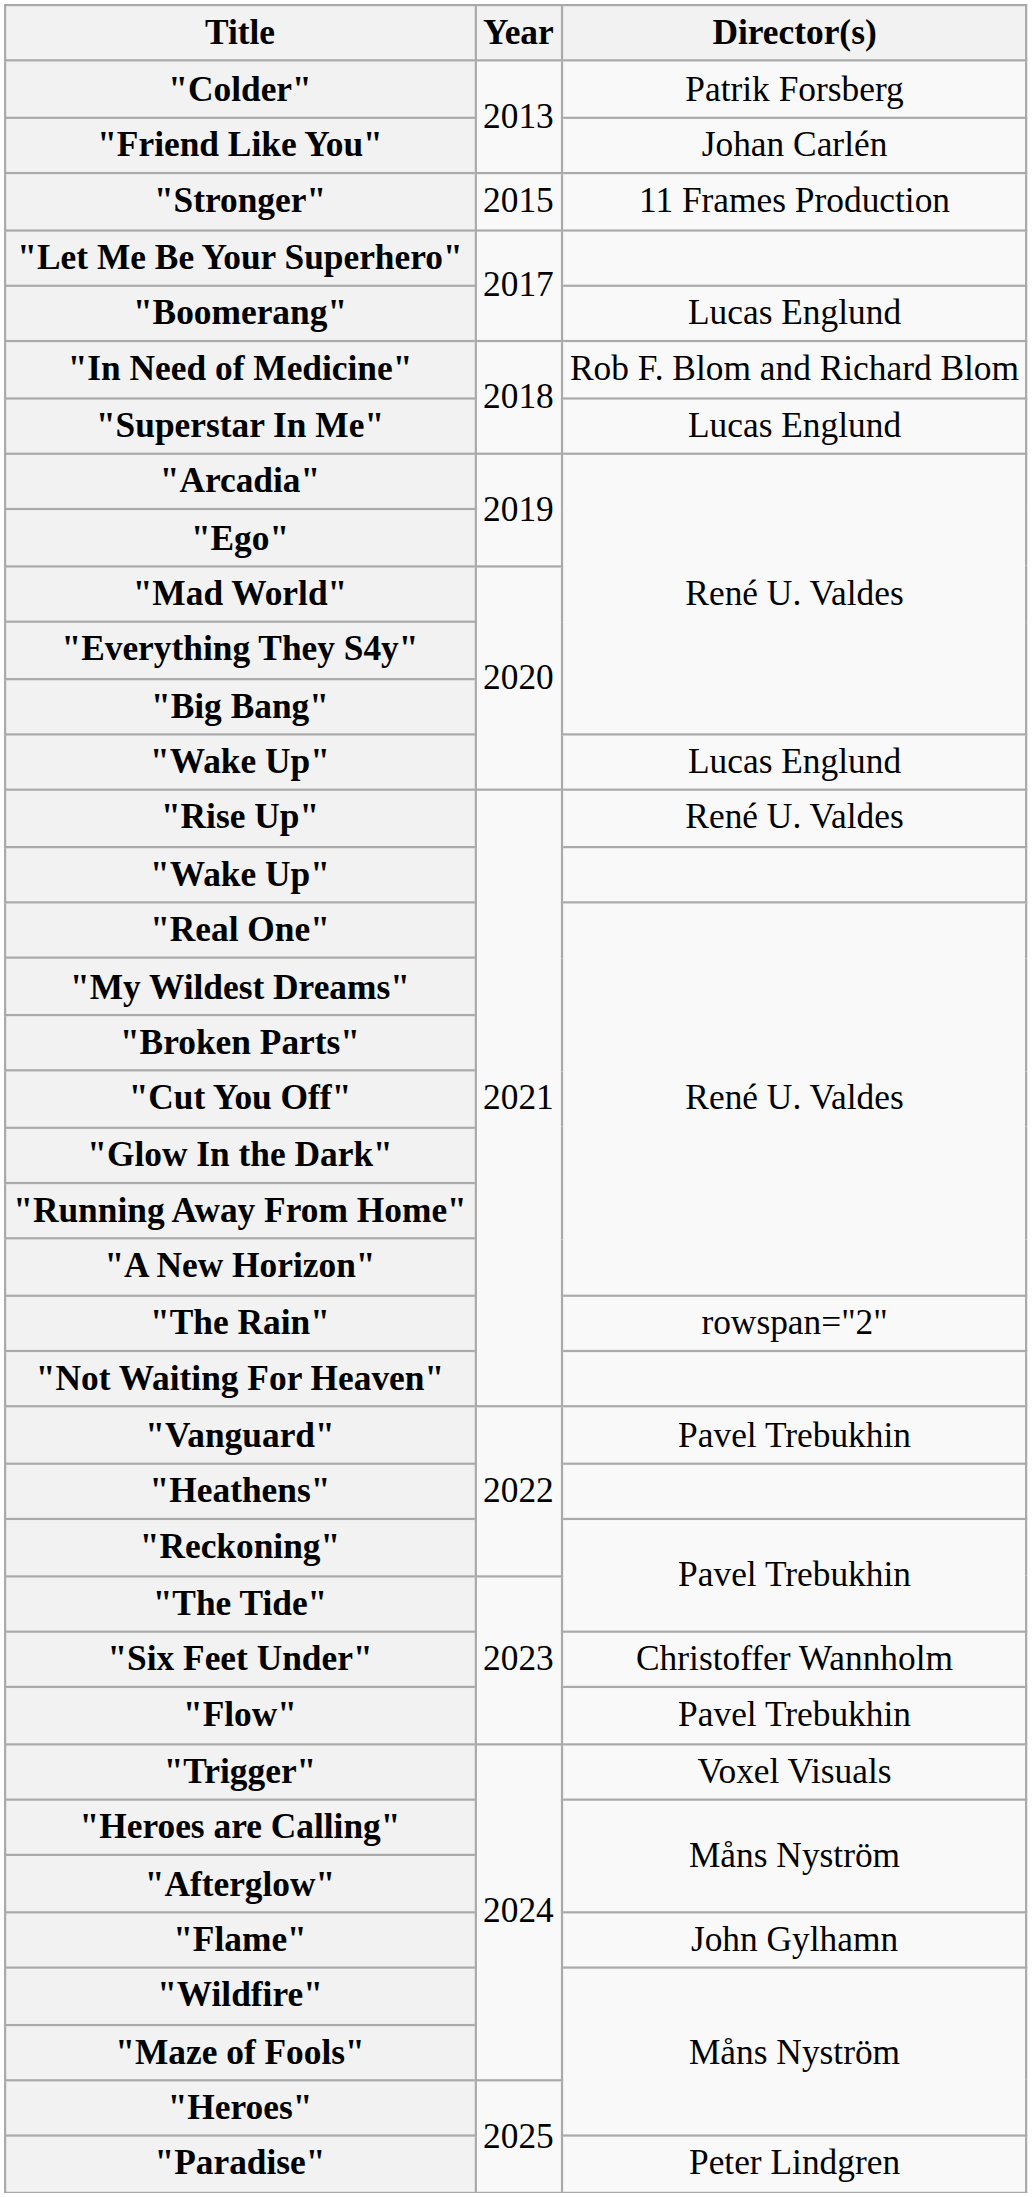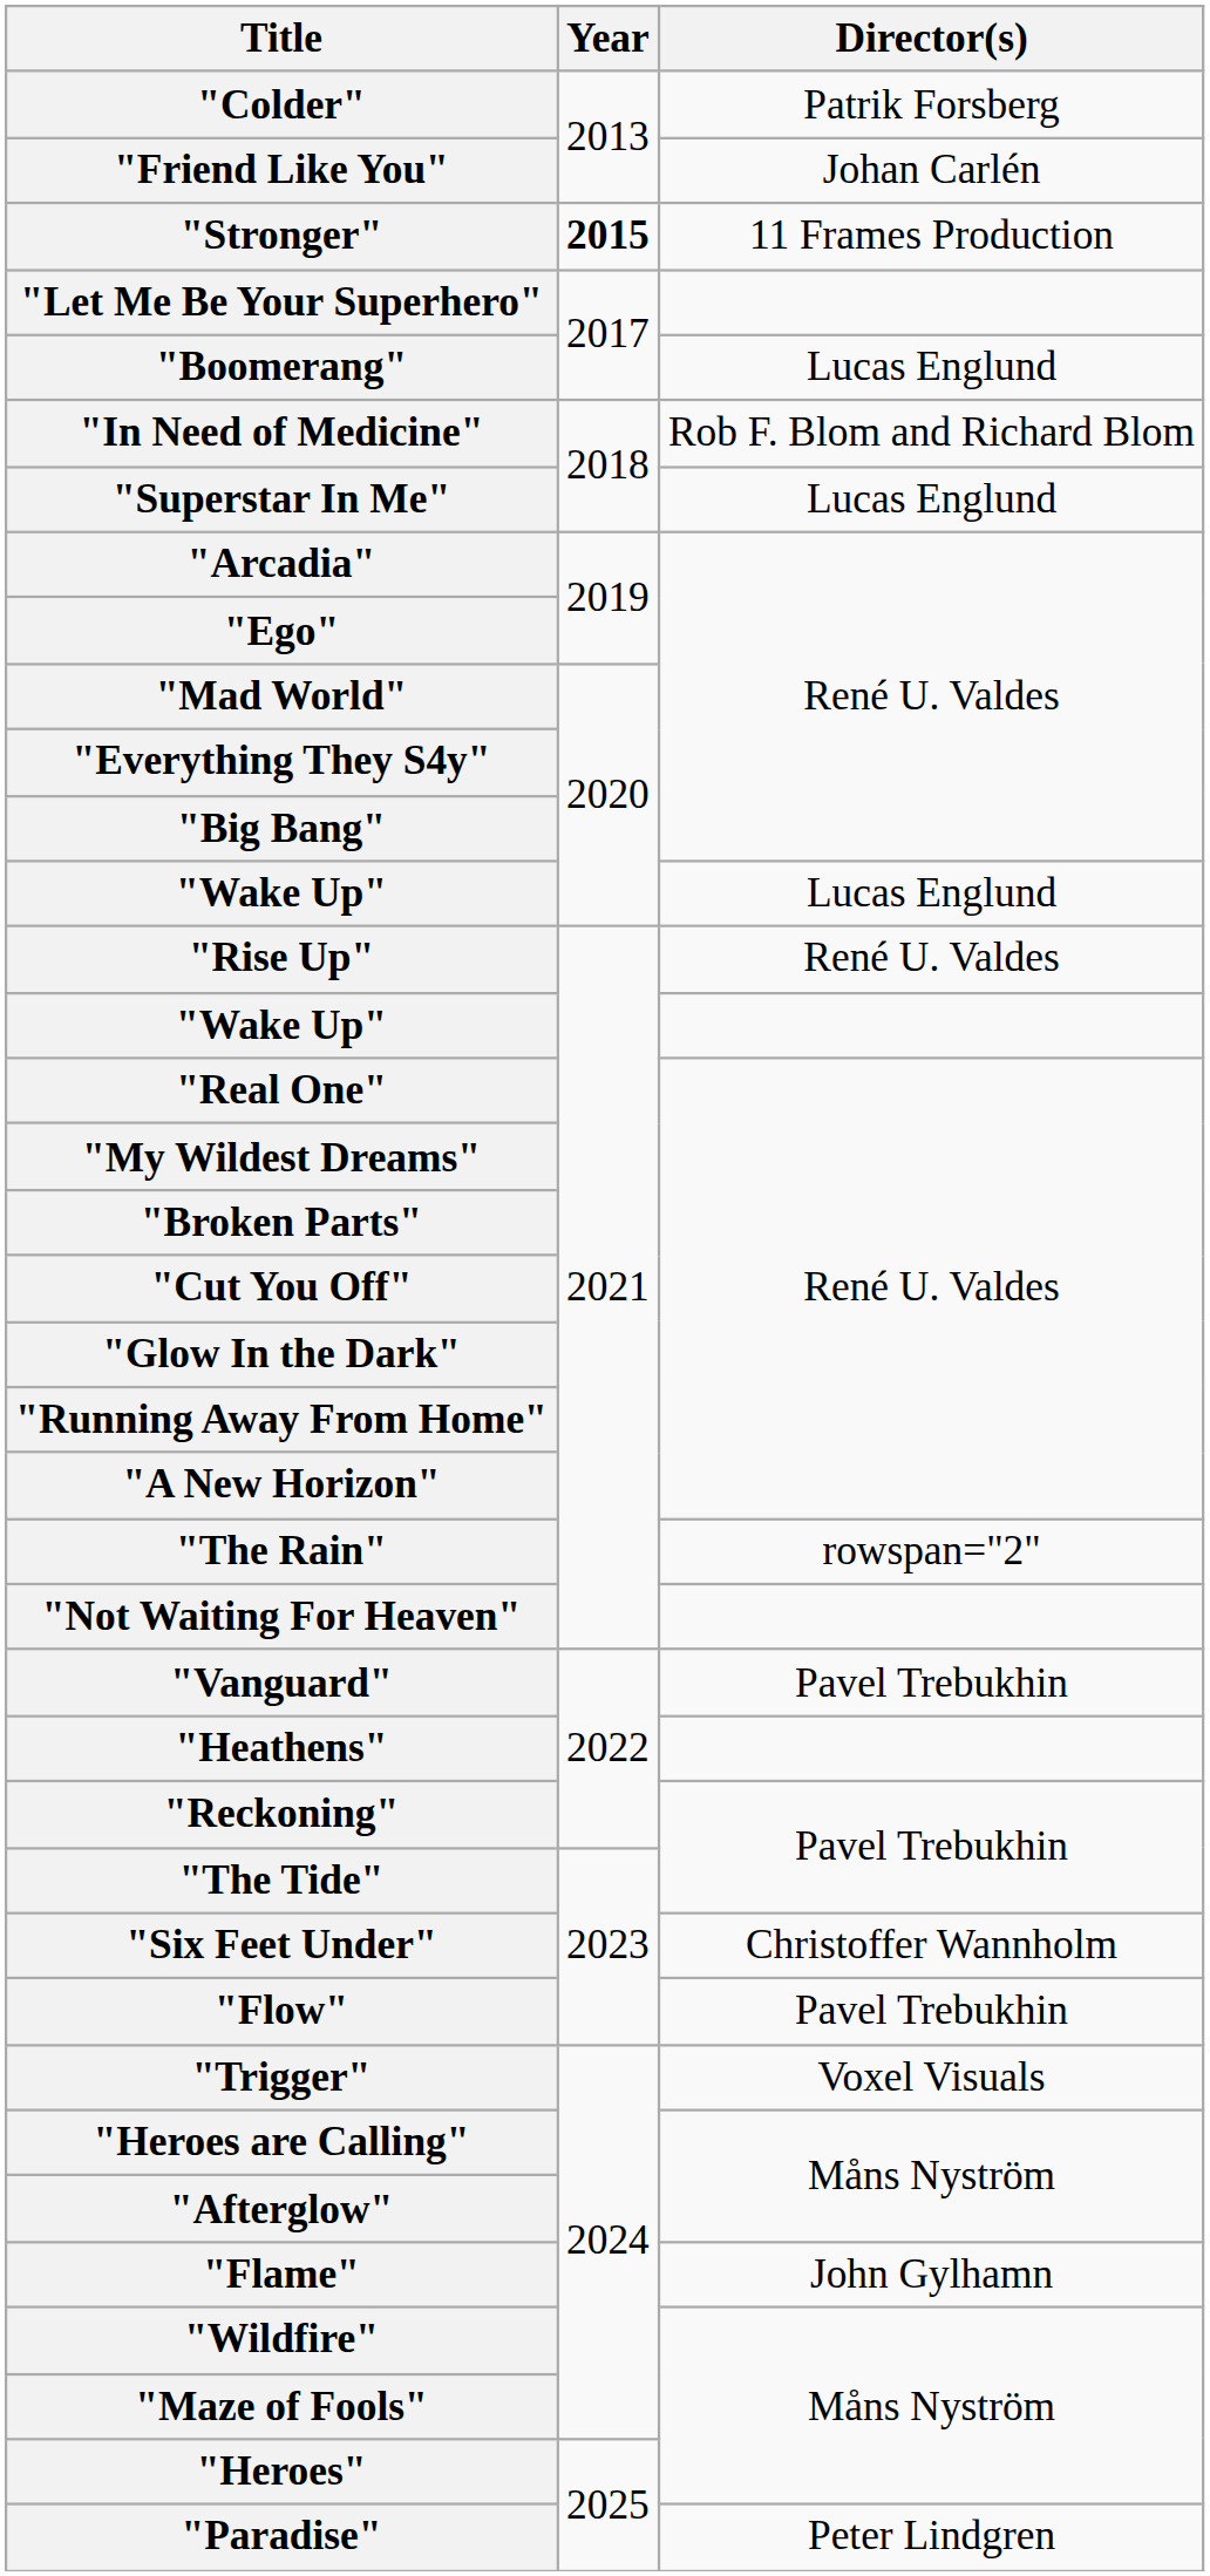 <table class="wikitable plainrowheaders" style="text-align:center;">
 <tr>
 <th scope="col">Title</th>
 <th scope="col">Year</th>
 <th scope="col">Director(s)</th>
 </tr>
 <tr>
 <th scope="row">"Colder"</th>
 <td rowspan="2">2013</td>
 <td>Patrik Forsberg</td>
 </tr>
 <tr>
 <th scope="row">"Friend Like You"</th>
 <td>Johan Carlén</td>
 </tr>
 <tr>
 <th scope="row">"Stronger"</th>
-<td>2015</td>
+<td><strong>2015</strong></td>
 <td>11 Frames Production</td>
 </tr>
 <tr>
 <th scope="row">"Let Me Be Your Superhero"</th>
 <td rowspan="2">2017</td>
 <td></td>
 </tr>
 <tr>
 <th scope="row">"Boomerang" </th>
 <td>Lucas Englund</td>
 </tr>
 <tr>
 <th scope="row">"In Need of Medicine"</th>
 <td rowspan="2">2018</td>
 <td>Rob F. Blom and Richard Blom</td>
 </tr>
 <tr>
 <th scope="row">"Superstar In Me"</th>
 <td>Lucas Englund</td>
 </tr>
 <tr>
 <th scope="row">"Arcadia"</th>
 <td rowspan="2">2019</td>
 <td rowspan="5">René U. Valdes</td>
 </tr>
 <tr>
 <th scope="row">"Ego" </th>
 </tr>
 <tr>
 <th scope="row">"Mad World" </th>
 <td rowspan="4">2020</td>
 </tr>
 <tr>
 <th scope="row">"Everything They S4y"</th>
 </tr>
 <tr>
 <th scope="row">"Big Bang"</th>
 </tr>
 <tr>
 <th scope="row">"Wake Up"</th>
 <td>Lucas Englund</td>
 </tr>
 <tr>
 <th scope="row">"Rise Up"</th>
 <td rowspan="11">2021</td>
 <td>René U. Valdes</td>
 </tr>
 <tr>
 <th scope="row">"Wake Up" </th>
 <td></td>
 </tr>
 <tr>
 <th scope="row">"Real One"</th>
 <td rowspan="7">René U. Valdes</td>
 </tr>
 <tr>
 <th scope="row">"My Wildest Dreams"</th>
 </tr>
 <tr>
 <th scope="row">"Broken Parts"</th>
 </tr>
 <tr>
 <th scope="row">"Cut You Off"</th>
 </tr>
 <tr>
 <th scope="row">"Glow In the Dark"</th>
 </tr>
 <tr>
 <th scope="row">"Running Away From Home"</th>
 </tr>
 <tr>
 <th scope="row">"A New Horizon"</th>
 </tr>
 <tr>
 <th scope="row">"The Rain"</th>
 <td>rowspan="2" </td>
 </tr>
 <tr>
 <th scope="row">"Not Waiting For Heaven"</th>
 </tr>
 <tr>
 <th scope="row">"Vanguard"</th>
 <td rowspan="3">2022</td>
 <td>Pavel Trebukhin</td>
 </tr>
 <tr>
 <th scope="row">"Heathens"</th>
 <td></td>
 </tr>
 <tr>
 <th scope="row">"Reckoning"</th>
 <td rowspan="2">Pavel Trebukhin</td>
 </tr>
 <tr>
 <th scope="row">"The Tide"</th>
 <td rowspan="3">2023</td>
 </tr>
 <tr>
 <th scope="row">"Six Feet Under" </th>
 <td>Christoffer Wannholm</td>
 </tr>
 <tr>
 <th scope="row">"Flow"</th>
 <td>Pavel Trebukhin</td>
 </tr>
 <tr>
 <th scope="row">"Trigger"</th>
 <td rowspan="6">2024</td>
 <td>Voxel Visuals</td>
 </tr>
 <tr>
 <th scope="row">"Heroes are Calling"</th>
 <td rowspan="2">Måns Nyström</td>
 </tr>
 <tr>
 <th scope="row">"Afterglow"</th>
 </tr>
 <tr>
 <th scope="row">"Flame" </th>
 <td>John Gylhamn</td>
 </tr>
 <tr>
 <th scope="row">"Wildfire"</th>
 <td rowspan="3">Måns Nyström</td>
 </tr>
 <tr>
 <th scope="row">"Maze of Fools"</th>
 </tr>
 <tr>
 <th scope="row">"Heroes"</th>
 <td rowspan="2">2025</td>
 </tr>
 <tr>
 <th scope="row">"Paradise" </th>
 <td>Peter Lindgren</td>
 </tr>
 <tr>
 </tr>
 </table>
